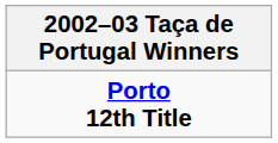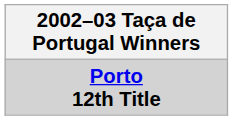 <table class="wikitable" style="text-align: center; margin: 0 auto; width: 20%">
 <tr>
 <th>2002–03 Taça de Portugal Winners</th>
 </tr>
 <tr>
-<td><strong><a href='#'>Porto</a></strong><br><strong>12th Title</strong></td>
+<td style="background: lightgrey;"><strong><a href='#'>Porto</a></strong><br><strong>12th Title</strong></td>
 </tr>
 </table>
